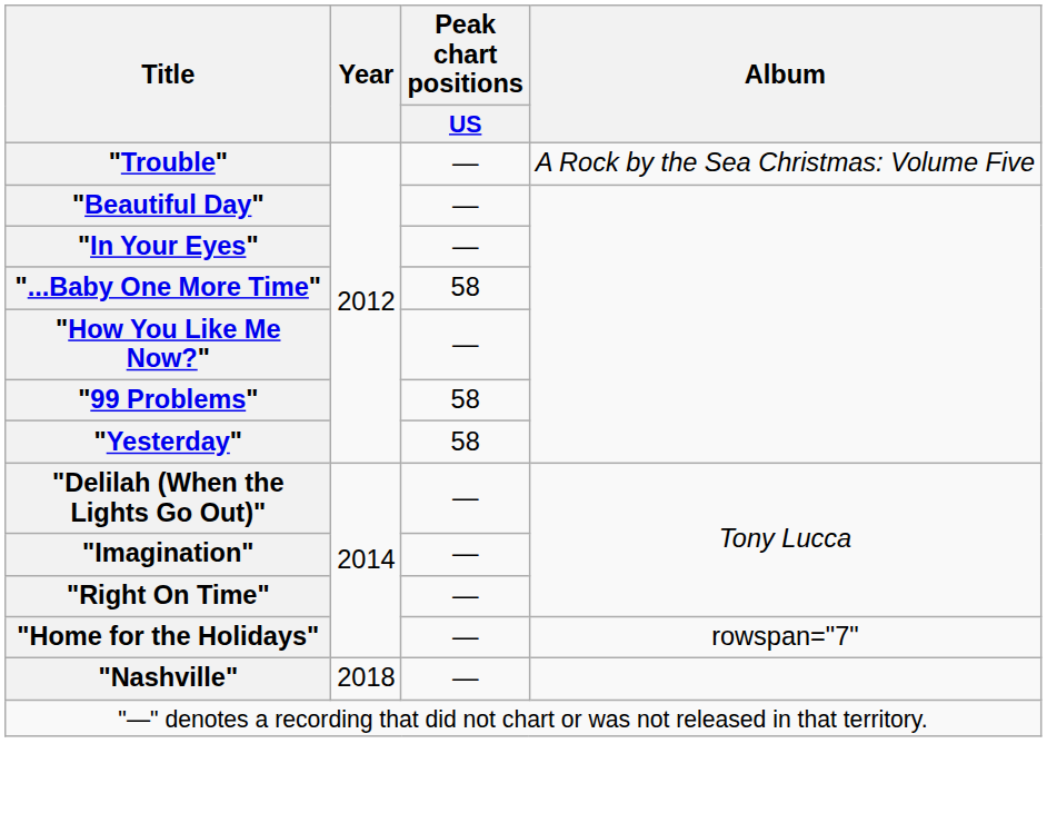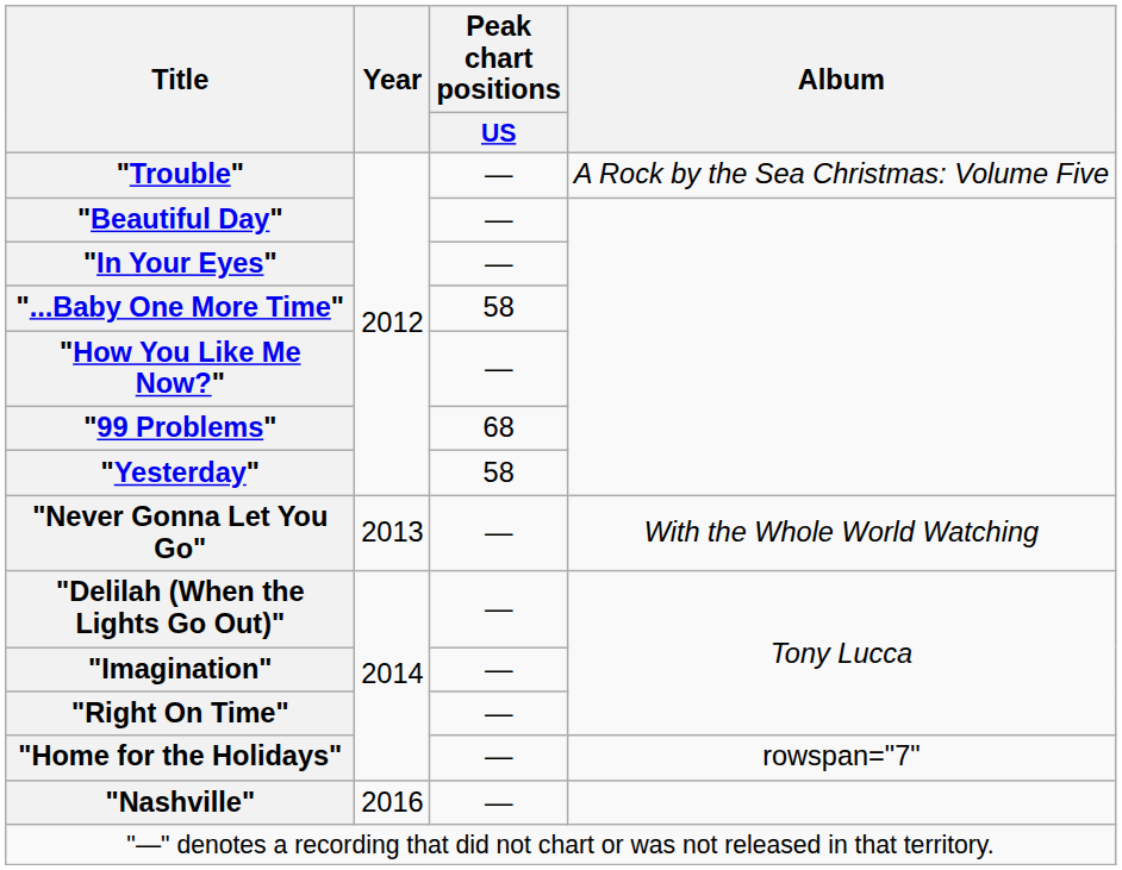 <table class="wikitable plainrowheaders" style="text-align:center;">
 <tr>
 <th scope="col" rowspan="2" style="width:12em;">Title</th>
 <th scope="col" rowspan="2">Year</th>
 <th scope="col" colspan="1">Peak chart positions</th>
 <th scope="col" rowspan="2">Album</th>
 </tr>
 <tr>
 <th scope="col" style="width:2.5em;font-size:90%;"><a href='#'>US</a></th>
 </tr>
 <tr>
 <th scope="row">"<a href='#'>Trouble</a>"</th>
 <td rowspan="7">2012</td>
 <td>—</td>
 <td><em>A Rock by the Sea Christmas: Volume Five</em></td>
 </tr>
 <tr>
 <th scope="row">"<a href='#'>Beautiful Day</a>"</th>
 <td>—</td>
 </tr>
 <tr>
 <th scope="row">"<a href='#'>In Your Eyes</a>"</th>
 <td>—</td>
 </tr>
 <tr>
 <th scope="row">"<a href='#'>...Baby One More Time</a>"</th>
 <td>58</td>
 </tr>
 <tr>
 <th scope="row">"<a href='#'>How You Like Me Now?</a>"</th>
 <td>—</td>
 </tr>
 <tr>
 <th scope="row">"<a href='#'>99 Problems</a>"</th>
-<td>58</td>
+<td>68</td>
 </tr>
 <tr>
 <th scope="row">"<a href='#'>Yesterday</a>"<br></th>
 <td>58</td>
+</tr>
+<tr>
+<th scope="row">"Never Gonna Let You Go"</th>
+<td>2013</td>
+<td>—</td>
+<td><em>With the Whole World Watching</em></td>
 </tr>
 <tr>
 <th scope="row">"Delilah (When the Lights Go Out)"</th>
 <td rowspan="4">2014</td>
 <td>—</td>
 <td rowspan="3"><em>Tony Lucca</em></td>
 </tr>
 <tr>
 <th scope="row">"Imagination"</th>
 <td>—</td>
 </tr>
 <tr>
 <th scope="row">"Right On Time"</th>
 <td>—</td>
 </tr>
 <tr>
 <th scope="row">"Home for the Holidays"</th>
 <td>—</td>
 <td>rowspan="7" </td>
 </tr>
 <tr>
 <th scope="row">"Nashville"</th>
-<td>2018</td>
+<td>2016</td>
 <td>—</td>
 <td></td>
 </tr>
 <tr>
 <td colspan="4" style="font-size:90%">"—" denotes a recording that did not chart or was not released in that territory.</td>
 </tr>
 </table>
